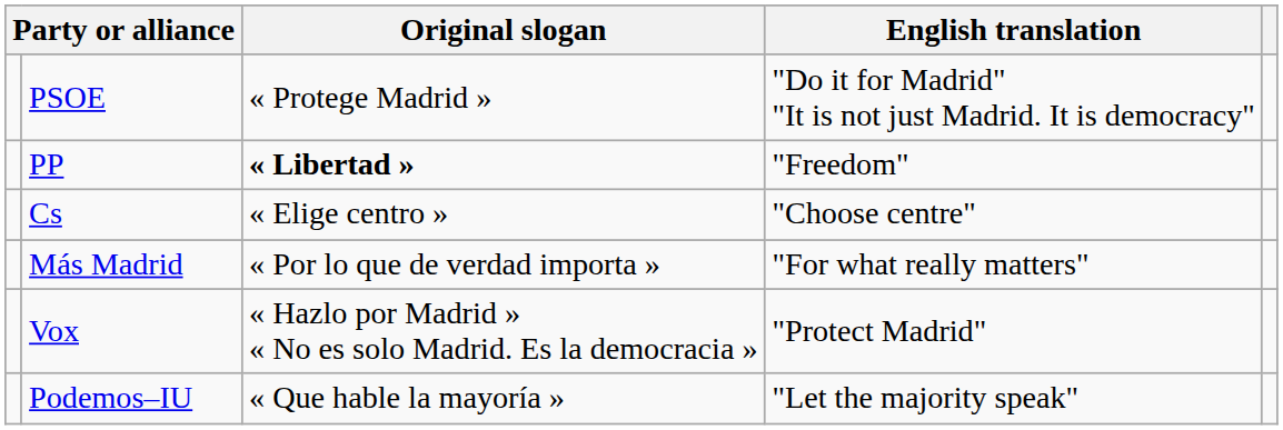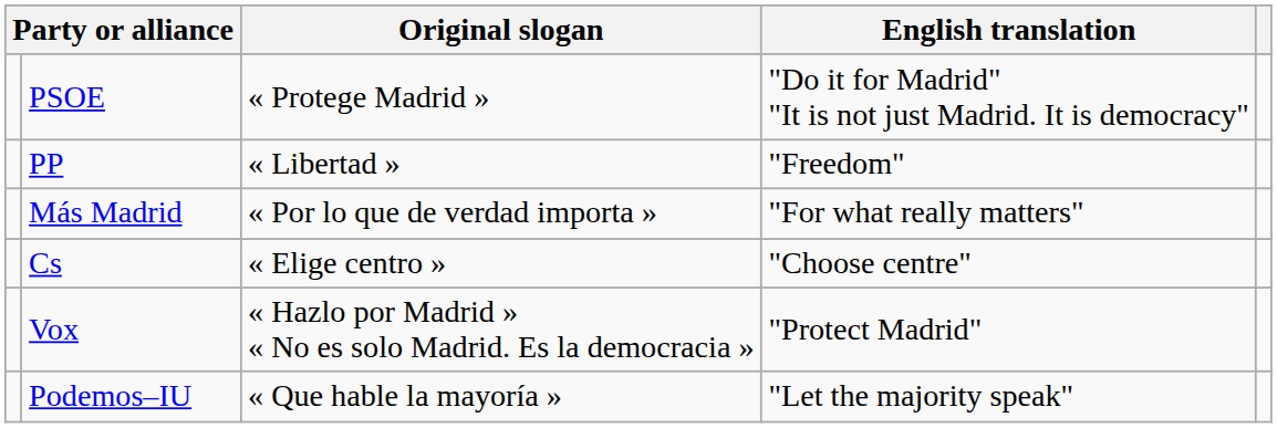 <table class="wikitable" style="text-align:left;">
 <tr>
 <th style="text-align:left;" colspan="2">Party or alliance</th>
 <th>Original slogan</th>
 <th>English translation</th>
 <th></th>
 </tr>
 <tr>
 <td width="1" style="color:inherit;background:"></td>
 <td><a href='#'>PSOE</a></td>
 <td>« Protege Madrid »</td>
 <td>"Do it for Madrid"<br>"It is not just Madrid. It is democracy"</td>
 <td><br></td>
 </tr>
 <tr>
 <td style="color:inherit;background:"></td>
 <td><a href='#'>PP</a></td>
-<td><strong>« Libertad »</strong></td>
+<td>« Libertad »</td>
 <td>"Freedom"</td>
+<td></td>
+</tr>
+<tr>
+<td></td>
+<td><a href='#'>Más Madrid</a></td>
+<td>« Por lo que de verdad importa »</td>
+<td>"For what really matters"</td>
 <td></td>
 </tr>
 <tr>
 <td style="color:inherit;background:"></td>
 <td><a href='#'>Cs</a></td>
 <td>« Elige centro »</td>
 <td>"Choose centre"</td>
-<td></td>
-</tr>
-<tr>
-<td></td>
-<td><a href='#'>Más Madrid</a></td>
-<td>« Por lo que de verdad importa »</td>
-<td>"For what really matters"</td>
 <td></td>
 </tr>
 <tr>
 <td style="color:inherit;background:"></td>
 <td><a href='#'>Vox</a></td>
 <td>« Hazlo por Madrid »<br>« No es solo Madrid. Es la democracia »</td>
 <td>"Protect Madrid"</td>
 <td></td>
 </tr>
 <tr>
 <td style="color:inherit;background:"></td>
 <td><a href='#'>Podemos–IU</a></td>
 <td>« Que hable la mayoría »</td>
 <td>"Let the majority speak"</td>
 <td></td>
 </tr>
 </table>
